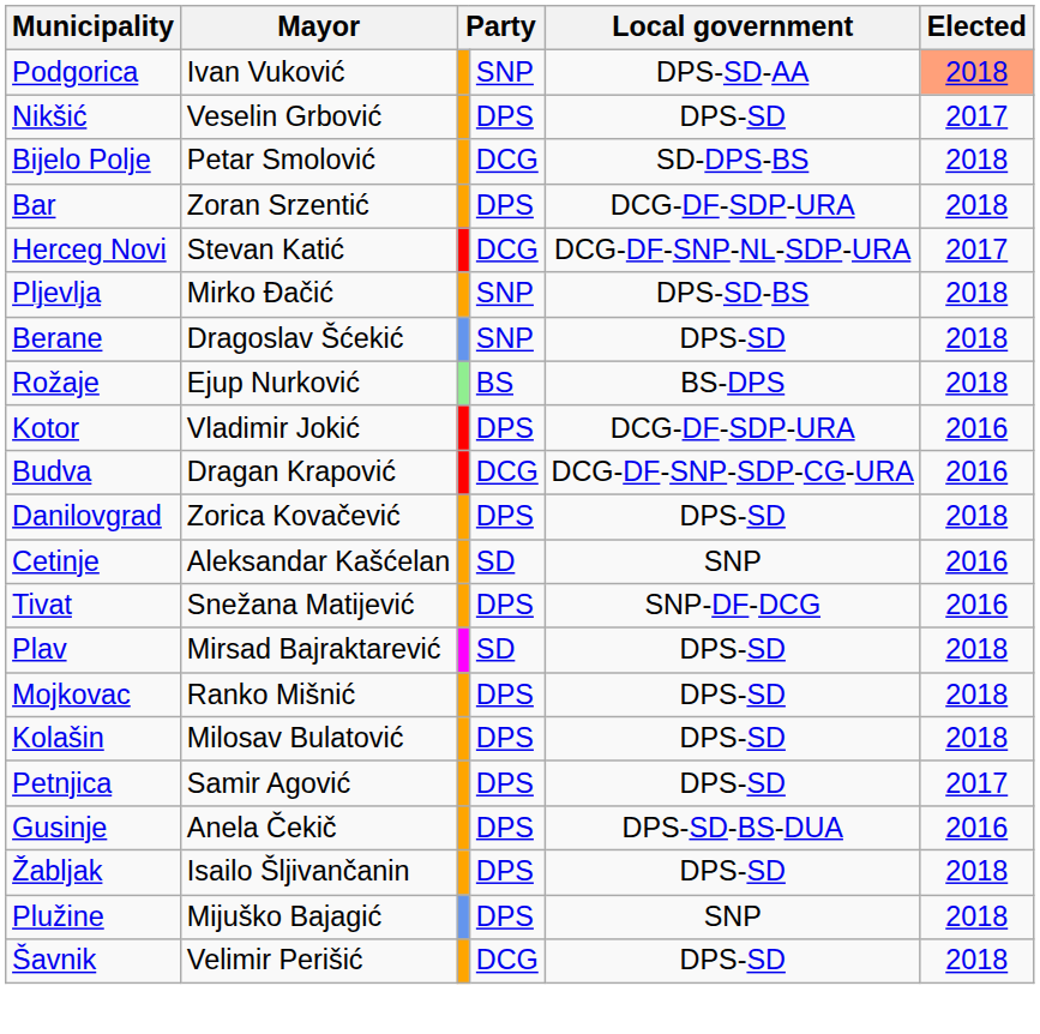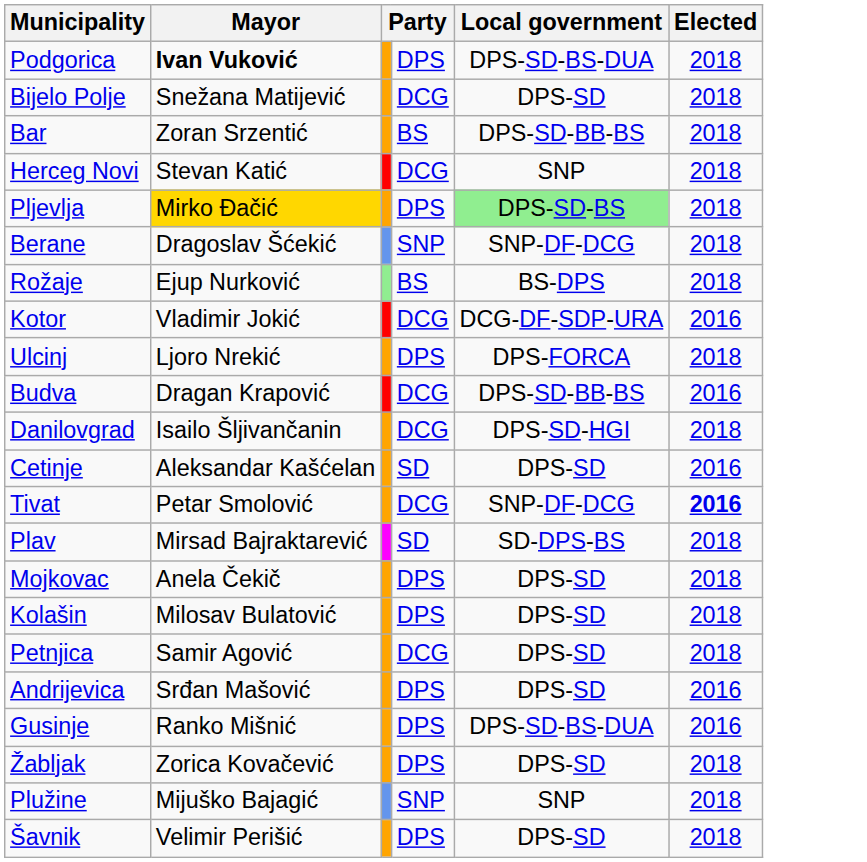 <table class="wikitable sortable">
 <tr>
 <th>Municipality</th>
 <th>Mayor</th>
 <th colspan=2>Party</th>
 <th>Local government</th>
 <th>Elected</th>
 </tr>
 <tr>
 <td><a href='#'>Podgorica</a></td>
-<td>Ivan Vuković</td>
-<th style="background-color: orange"></th>
-<td><a href='#'>SNP</a></td>
-<td style="text-align:center;">DPS-<a href='#'>SD</a>-<a href='#'>AA</a></td>
-<td style="background: lightsalmon; text-align:center;"><a href='#'>2018</a></td>
-</tr>
-<tr>
-<td><a href='#'>Nikšić</a></td>
-<td>Veselin Grbović</td>
+<td><strong>Ivan Vuković</strong></td>
 <th style="background-color: orange"></th>
 <td><a href='#'>DPS</a></td>
-<td style="text-align:center;">DPS-<a href='#'>SD</a></td>
-<td style="text-align:center;"><a href='#'>2017</a></td>
+<td style="text-align:center;">DPS-<a href='#'>SD</a>-<a href='#'>BS</a>-<a href='#'>DUA</a></td>
+<td style="text-align:center;"><a href='#'>2018</a></td>
 </tr>
 <tr>
 <td><a href='#'>Bijelo Polje</a></td>
-<td>Petar Smolović</td>
+<td>Snežana Matijević</td>
 <th style="background-color: orange"></th>
 <td><a href='#'>DCG</a></td>
-<td style="text-align:center;">SD-<a href='#'>DPS</a>-<a href='#'>BS</a></td>
+<td style="text-align:center;">DPS-<a href='#'>SD</a></td>
 <td style="text-align:center;"><a href='#'>2018</a></td>
 </tr>
 <tr>
 <td><a href='#'>Bar</a></td>
 <td>Zoran Srzentić</td>
 <th style="background-color: orange"></th>
-<td><a href='#'>DPS</a></td>
-<td style="text-align:center;">DCG-<a href='#'>DF</a>-<a href='#'>SDP</a>-<a href='#'>URA</a></td>
+<td><a href='#'>BS</a></td>
+<td style="text-align:center;">DPS-<a href='#'>SD</a>-<a href='#'>BB</a>-<a href='#'>BS</a></td>
 <td style="text-align:center;"><a href='#'>2018</a></td>
 </tr>
 <tr>
 <td><a href='#'>Herceg Novi</a></td>
 <td>Stevan Katić</td>
 <th style="background-color: red"></th>
 <td><a href='#'>DCG</a></td>
-<td style="text-align:center;">DCG-<a href='#'>DF</a>-<a href='#'>SNP</a>-<a href='#'>NL</a>-<a href='#'>SDP</a>-<a href='#'>URA</a></td>
-<td style="text-align:center;"><a href='#'>2017</a></td>
+<td style="text-align:center;">SNP</td>
+<td style="text-align:center;"><a href='#'>2018</a></td>
 </tr>
 <tr>
 <td><a href='#'>Pljevlja</a></td>
-<td>Mirko Đačić</td>
+<td style="background: gold;">Mirko Đačić</td>
 <th style="background-color: orange"></th>
-<td><a href='#'>SNP</a></td>
-<td style="text-align:center;">DPS-<a href='#'>SD</a>-<a href='#'>BS</a></td>
+<td><a href='#'>DPS</a></td>
+<td style="background: lightgreen; text-align:center;">DPS-<a href='#'>SD</a>-<a href='#'>BS</a></td>
 <td style="text-align:center;"><a href='#'>2018</a></td>
 </tr>
 <tr>
 <td><a href='#'>Berane</a></td>
 <td>Dragoslav Šćekić</td>
 <th style="background-color: cornflowerblue"></th>
 <td><a href='#'>SNP</a></td>
-<td style="text-align:center;">DPS-<a href='#'>SD</a></td>
+<td style="text-align:center;">SNP-<a href='#'>DF</a>-<a href='#'>DCG</a></td>
 <td style="text-align:center;"><a href='#'>2018</a></td>
 </tr>
 <tr>
 <td><a href='#'>Rožaje</a></td>
 <td>Ejup Nurković</td>
 <th style="background-color: lightgreen"></th>
 <td><a href='#'>BS</a></td>
 <td style="text-align:center;">BS-<a href='#'>DPS</a></td>
 <td style="text-align:center;"><a href='#'>2018</a></td>
 </tr>
 <tr>
 <td><a href='#'>Kotor</a></td>
 <td>Vladimir Jokić</td>
 <th style="background-color: red"></th>
-<td><a href='#'>DPS</a></td>
+<td><a href='#'>DCG</a></td>
 <td style="text-align:center;">DCG-<a href='#'>DF</a>-<a href='#'>SDP</a>-<a href='#'>URA</a></td>
 <td style="text-align:center;"><a href='#'>2016</a></td>
+</tr>
+<tr>
+<td><a href='#'>Ulcinj</a></td>
+<td>Ljoro Nrekić</td>
+<th style="background-color: orange"></th>
+<td><a href='#'>DPS</a></td>
+<td style="text-align:center;">DPS-<a href='#'>FORCA</a></td>
+<td style="text-align:center;"><a href='#'>2018</a></td>
 </tr>
 <tr>
 <td><a href='#'>Budva</a></td>
 <td>Dragan Krapović</td>
 <th style="background-color: red"></th>
 <td><a href='#'>DCG</a></td>
-<td style="text-align:center;">DCG-<a href='#'>DF</a>-<a href='#'>SNP</a>-<a href='#'>SDP</a>-<a href='#'>CG</a>-<a href='#'>URA</a></td>
+<td style="text-align:center;">DPS-<a href='#'>SD</a>-<a href='#'>BB</a>-<a href='#'>BS</a></td>
 <td style="text-align:center;"><a href='#'>2016</a></td>
 </tr>
 <tr>
 <td><a href='#'>Danilovgrad</a></td>
-<td>Zorica Kovačević</td>
+<td>Isailo Šljivančanin</td>
 <th style="background-color: orange"></th>
-<td><a href='#'>DPS</a></td>
-<td style="text-align:center;">DPS-<a href='#'>SD</a></td>
+<td><a href='#'>DCG</a></td>
+<td style="text-align:center;">DPS-<a href='#'>SD</a>-<a href='#'>HGI</a></td>
 <td style="text-align:center;"><a href='#'>2018</a></td>
 </tr>
 <tr>
 <td><a href='#'>Cetinje</a></td>
 <td>Aleksandar Kašćelan</td>
 <th style="background-color: orange"></th>
 <td><a href='#'>SD</a></td>
-<td style="text-align:center;">SNP</td>
+<td style="text-align:center;">DPS-<a href='#'>SD</a></td>
 <td style="text-align:center;"><a href='#'>2016</a></td>
 </tr>
 <tr>
 <td><a href='#'>Tivat</a></td>
-<td>Snežana Matijević</td>
+<td>Petar Smolović</td>
 <th style="background-color: orange"></th>
-<td><a href='#'>DPS</a></td>
+<td><a href='#'>DCG</a></td>
 <td style="text-align:center;">SNP-<a href='#'>DF</a>-<a href='#'>DCG</a></td>
-<td style="text-align:center;"><a href='#'>2016</a></td>
+<td style="text-align:center;"><strong><a href='#'>2016</a></strong></td>
 </tr>
 <tr>
 <td><a href='#'>Plav</a></td>
 <td>Mirsad Bajraktarević</td>
 <th style="background-color: #fd00ff"></th>
 <td><a href='#'>SD</a></td>
-<td style="text-align:center;">DPS-<a href='#'>SD</a></td>
+<td style="text-align:center;">SD-<a href='#'>DPS</a>-<a href='#'>BS</a></td>
 <td style="text-align:center;"><a href='#'>2018</a></td>
 </tr>
 <tr>
 <td><a href='#'>Mojkovac</a></td>
-<td>Ranko Mišnić</td>
+<td>Anela Čekič</td>
 <th style="background-color: orange"></th>
 <td><a href='#'>DPS</a></td>
 <td style="text-align:center;">DPS-<a href='#'>SD</a></td>
 <td style="text-align:center;"><a href='#'>2018</a></td>
 </tr>
 <tr>
 <td><a href='#'>Kolašin</a></td>
 <td>Milosav Bulatović</td>
 <th style="background-color: orange"></th>
 <td><a href='#'>DPS</a></td>
 <td style="text-align:center;">DPS-<a href='#'>SD</a></td>
 <td style="text-align:center;"><a href='#'>2018</a></td>
 </tr>
 <tr>
 <td><a href='#'>Petnjica</a></td>
 <td>Samir Agović</td>
 <th style="background-color: orange"></th>
+<td><a href='#'>DCG</a></td>
+<td style="text-align:center;">DPS-<a href='#'>SD</a></td>
+<td style="text-align:center;"><a href='#'>2018</a></td>
+</tr>
+<tr>
+<td><a href='#'>Andrijevica</a></td>
+<td>Srđan Mašović</td>
+<th style="background-color: orange"></th>
 <td><a href='#'>DPS</a></td>
 <td style="text-align:center;">DPS-<a href='#'>SD</a></td>
-<td style="text-align:center;"><a href='#'>2017</a></td>
+<td style="text-align:center;"><a href='#'>2016</a></td>
 </tr>
 <tr>
 <td><a href='#'>Gusinje</a></td>
-<td>Anela Čekič</td>
+<td>Ranko Mišnić</td>
 <th style="background-color: orange"></th>
 <td><a href='#'>DPS</a></td>
 <td style="text-align:center;">DPS-<a href='#'>SD</a>-<a href='#'>BS</a>-<a href='#'>DUA</a></td>
 <td style="text-align:center;"><a href='#'>2016</a></td>
 </tr>
 <tr>
 <td><a href='#'>Žabljak</a></td>
-<td>Isailo Šljivančanin</td>
+<td>Zorica Kovačević</td>
 <th style="background-color: orange"></th>
 <td><a href='#'>DPS</a></td>
 <td style="text-align:center;">DPS-<a href='#'>SD</a></td>
 <td style="text-align:center;"><a href='#'>2018</a></td>
 </tr>
 <tr>
 <td><a href='#'>Plužine</a></td>
 <td>Mijuško Bajagić</td>
 <th style="background-color: cornflowerblue"></th>
-<td><a href='#'>DPS</a></td>
+<td><a href='#'>SNP</a></td>
 <td style="text-align:center;">SNP</td>
 <td style="text-align:center;"><a href='#'>2018</a></td>
 </tr>
 <tr>
 <td><a href='#'>Šavnik</a></td>
 <td>Velimir Perišić</td>
 <th style="background-color: orange"></th>
-<td><a href='#'>DCG</a></td>
+<td><a href='#'>DPS</a></td>
 <td style="text-align:center;">DPS-<a href='#'>SD</a></td>
 <td style="text-align:center;"><a href='#'>2018</a></td>
 </tr>
 </table>
